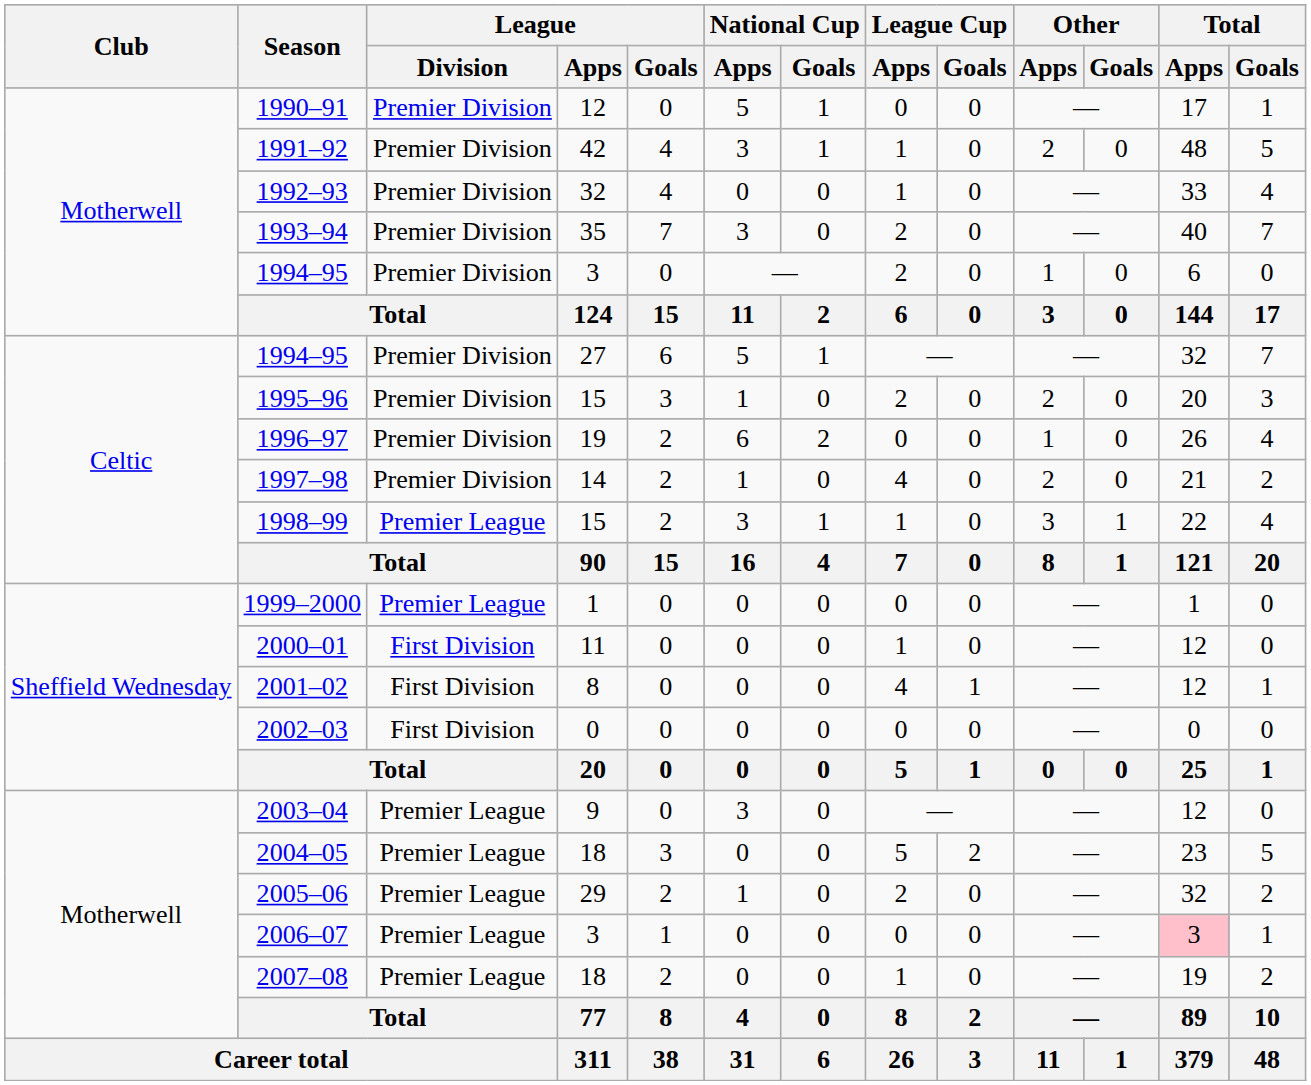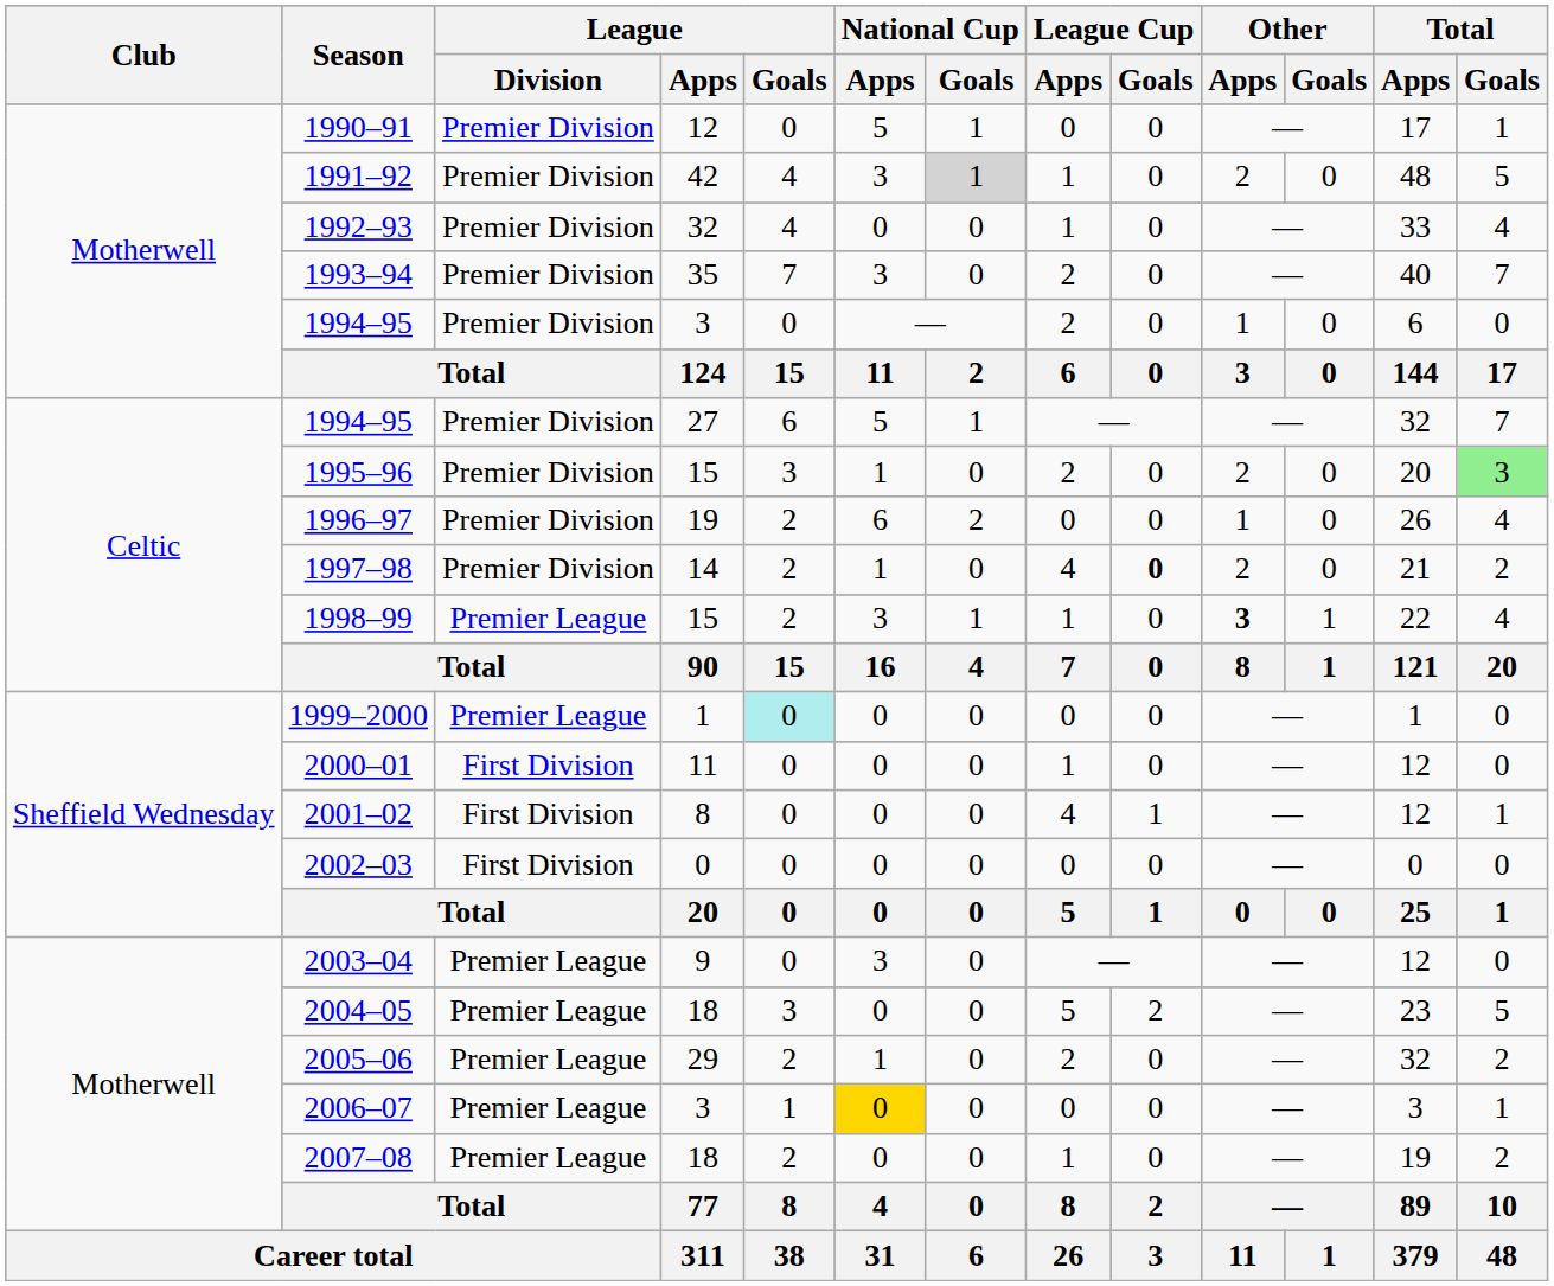 <table class="wikitable" style="text-align:center">
 <tr>
 <th rowspan="2">Club</th>
 <th rowspan="2">Season</th>
 <th colspan="3">League</th>
 <th colspan="2">National Cup</th>
 <th colspan="2">League Cup</th>
 <th colspan="2">Other</th>
 <th colspan="2">Total</th>
 </tr>
 <tr>
 <th>Division</th>
 <th>Apps</th>
 <th>Goals</th>
 <th>Apps</th>
 <th>Goals</th>
 <th>Apps</th>
 <th>Goals</th>
 <th>Apps</th>
 <th>Goals</th>
 <th>Apps</th>
 <th>Goals</th>
 </tr>
 <tr>
 <td rowspan="6"><a href='#'>Motherwell</a></td>
 <td><a href='#'>1990–91</a></td>
 <td><a href='#'>Premier Division</a></td>
 <td>12</td>
 <td>0</td>
 <td>5</td>
 <td>1</td>
 <td>0</td>
 <td>0</td>
 <td colspan="2">—</td>
 <td>17</td>
 <td>1</td>
 </tr>
 <tr>
 <td><a href='#'>1991–92</a></td>
 <td>Premier Division</td>
 <td>42</td>
 <td>4</td>
 <td>3</td>
-<td>1</td>
+<td style="background: lightgrey;">1</td>
 <td>1</td>
 <td>0</td>
 <td>2</td>
 <td>0</td>
 <td>48</td>
 <td>5</td>
 </tr>
 <tr>
 <td><a href='#'>1992–93</a></td>
 <td>Premier Division</td>
 <td>32</td>
 <td>4</td>
 <td>0</td>
 <td>0</td>
 <td>1</td>
 <td>0</td>
 <td colspan="2">—</td>
 <td>33</td>
 <td>4</td>
 </tr>
 <tr>
 <td><a href='#'>1993–94</a></td>
 <td>Premier Division</td>
 <td>35</td>
 <td>7</td>
 <td>3</td>
 <td>0</td>
 <td>2</td>
 <td>0</td>
 <td colspan="2">—</td>
 <td>40</td>
 <td>7</td>
 </tr>
 <tr>
 <td><a href='#'>1994–95</a></td>
 <td>Premier Division</td>
 <td>3</td>
 <td>0</td>
 <td colspan="2">—</td>
 <td>2</td>
 <td>0</td>
 <td>1</td>
 <td>0</td>
 <td>6</td>
 <td>0</td>
 </tr>
 <tr>
 <th colspan="2">Total</th>
 <th>124</th>
 <th>15</th>
 <th>11</th>
 <th>2</th>
 <th>6</th>
 <th>0</th>
 <th>3</th>
 <th>0</th>
 <th>144</th>
 <th>17</th>
 </tr>
 <tr>
 <td rowspan="6"><a href='#'>Celtic</a></td>
 <td><a href='#'>1994–95</a></td>
 <td>Premier Division</td>
 <td>27</td>
 <td>6</td>
 <td>5</td>
 <td>1</td>
 <td colspan="2">—</td>
 <td colspan="2">—</td>
 <td>32</td>
 <td>7</td>
 </tr>
 <tr>
 <td><a href='#'>1995–96</a></td>
 <td>Premier Division</td>
 <td>15</td>
 <td>3</td>
 <td>1</td>
 <td>0</td>
 <td>2</td>
 <td>0</td>
 <td>2</td>
 <td>0</td>
 <td>20</td>
-<td>3</td>
+<td style="background: lightgreen;">3</td>
 </tr>
 <tr>
 <td><a href='#'>1996–97</a></td>
 <td>Premier Division</td>
 <td>19</td>
 <td>2</td>
 <td>6</td>
 <td>2</td>
 <td>0</td>
 <td>0</td>
 <td>1</td>
 <td>0</td>
 <td>26</td>
 <td>4</td>
 </tr>
 <tr>
 <td><a href='#'>1997–98</a></td>
 <td>Premier Division</td>
 <td>14</td>
 <td>2</td>
 <td>1</td>
 <td>0</td>
 <td>4</td>
-<td>0</td>
+<td><strong>0</strong></td>
 <td>2</td>
 <td>0</td>
 <td>21</td>
 <td>2</td>
 </tr>
 <tr>
 <td><a href='#'>1998–99</a></td>
 <td><a href='#'>Premier League</a></td>
 <td>15</td>
 <td>2</td>
 <td>3</td>
 <td>1</td>
 <td>1</td>
 <td>0</td>
-<td>3</td>
+<td><strong>3</strong></td>
 <td>1</td>
 <td>22</td>
 <td>4</td>
 </tr>
 <tr>
 <th colspan="2">Total</th>
 <th>90</th>
 <th>15</th>
 <th>16</th>
 <th>4</th>
 <th>7</th>
 <th>0</th>
 <th>8</th>
 <th>1</th>
 <th>121</th>
 <th>20</th>
 </tr>
 <tr>
 <td rowspan="5"><a href='#'>Sheffield Wednesday</a></td>
 <td><a href='#'>1999–2000</a></td>
 <td><a href='#'>Premier League</a></td>
 <td>1</td>
-<td>0</td>
+<td style="background: paleturquoise;">0</td>
 <td>0</td>
 <td>0</td>
 <td>0</td>
 <td>0</td>
 <td colspan="2">—</td>
 <td>1</td>
 <td>0</td>
 </tr>
 <tr>
 <td><a href='#'>2000–01</a></td>
 <td><a href='#'>First Division</a></td>
 <td>11</td>
 <td>0</td>
 <td>0</td>
 <td>0</td>
 <td>1</td>
 <td>0</td>
 <td colspan="2">—</td>
 <td>12</td>
 <td>0</td>
 </tr>
 <tr>
 <td><a href='#'>2001–02</a></td>
 <td>First Division</td>
 <td>8</td>
 <td>0</td>
 <td>0</td>
 <td>0</td>
 <td>4</td>
 <td>1</td>
 <td colspan="2">—</td>
 <td>12</td>
 <td>1</td>
 </tr>
 <tr>
 <td><a href='#'>2002–03</a></td>
 <td>First Division</td>
 <td>0</td>
 <td>0</td>
 <td>0</td>
 <td>0</td>
 <td>0</td>
 <td>0</td>
 <td colspan="2">—</td>
 <td>0</td>
 <td>0</td>
 </tr>
 <tr>
 <th colspan="2">Total</th>
 <th>20</th>
 <th>0</th>
 <th>0</th>
 <th>0</th>
 <th>5</th>
 <th>1</th>
 <th>0</th>
 <th>0</th>
 <th>25</th>
 <th>1</th>
 </tr>
 <tr>
 <td rowspan="6">Motherwell</td>
 <td><a href='#'>2003–04</a></td>
 <td>Premier League</td>
 <td>9</td>
 <td>0</td>
 <td>3</td>
 <td>0</td>
 <td colspan="2">—</td>
 <td colspan="2">—</td>
 <td>12</td>
 <td>0</td>
 </tr>
 <tr>
 <td><a href='#'>2004–05</a></td>
 <td>Premier League</td>
 <td>18</td>
 <td>3</td>
 <td>0</td>
 <td>0</td>
 <td>5</td>
 <td>2</td>
 <td colspan="2">—</td>
 <td>23</td>
 <td>5</td>
 </tr>
 <tr>
 <td><a href='#'>2005–06</a></td>
 <td>Premier League</td>
 <td>29</td>
 <td>2</td>
 <td>1</td>
 <td>0</td>
 <td>2</td>
 <td>0</td>
 <td colspan="2">—</td>
 <td>32</td>
 <td>2</td>
 </tr>
 <tr>
 <td><a href='#'>2006–07</a></td>
 <td>Premier League</td>
 <td>3</td>
 <td>1</td>
-<td>0</td>
+<td style="background: gold;">0</td>
 <td>0</td>
 <td>0</td>
 <td>0</td>
 <td colspan="2">—</td>
-<td style="background: pink;">3</td>
+<td>3</td>
 <td>1</td>
 </tr>
 <tr>
 <td><a href='#'>2007–08</a></td>
 <td>Premier League</td>
 <td>18</td>
 <td>2</td>
 <td>0</td>
 <td>0</td>
 <td>1</td>
 <td>0</td>
 <td colspan="2">—</td>
 <td>19</td>
 <td>2</td>
 </tr>
 <tr>
 <th colspan="2">Total</th>
 <th>77</th>
 <th>8</th>
 <th>4</th>
 <th>0</th>
 <th>8</th>
 <th>2</th>
 <th colspan="2">—</th>
 <th>89</th>
 <th>10</th>
 </tr>
 <tr>
 <th colspan="3">Career total</th>
 <th>311</th>
 <th>38</th>
 <th>31</th>
 <th>6</th>
 <th>26</th>
 <th>3</th>
 <th>11</th>
 <th>1</th>
 <th>379</th>
 <th>48</th>
 </tr>
 </table>
